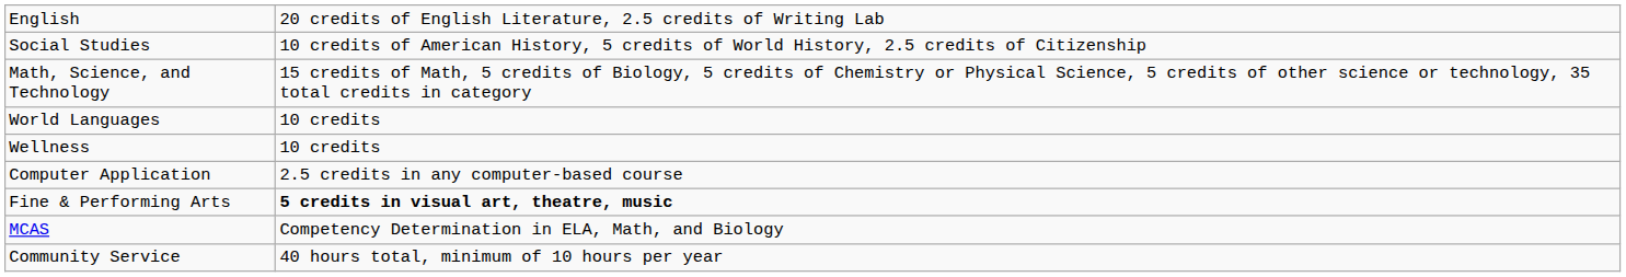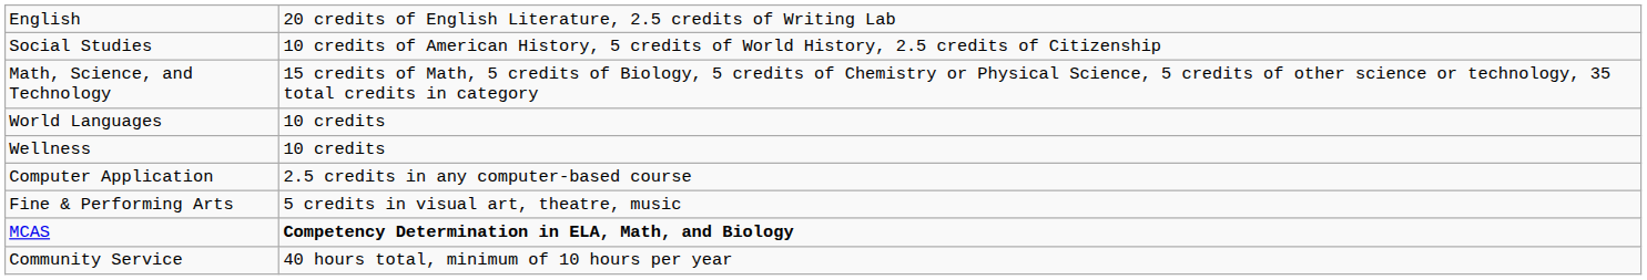 <table class="wikitable">
 <tr>
 <td>English</td>
 <td>20 credits of English Literature, 2.5 credits of Writing Lab</td>
 </tr>
 <tr>
 <td>Social Studies</td>
 <td>10 credits of American History, 5 credits of World History, 2.5 credits of Citizenship</td>
 </tr>
 <tr>
 <td>Math, Science, and Technology</td>
 <td>15 credits of Math, 5 credits of Biology, 5 credits of Chemistry or Physical Science, 5 credits of other science or technology, 35 total credits in category</td>
 </tr>
 <tr>
 <td>World Languages</td>
 <td>10 credits</td>
 </tr>
 <tr>
 <td>Wellness</td>
 <td>10 credits</td>
 </tr>
 <tr>
 <td>Computer Application</td>
 <td>2.5 credits in any computer-based course</td>
 </tr>
 <tr>
 <td>Fine & Performing Arts</td>
-<td><strong>5 credits in visual art, theatre, music</strong></td>
+<td>5 credits in visual art, theatre, music</td>
 </tr>
 <tr>
 <td><a href='#'>MCAS</a></td>
-<td>Competency Determination in ELA, Math, and Biology</td>
+<td><strong>Competency Determination in ELA, Math, and Biology</strong></td>
 </tr>
 <tr>
 <td>Community Service</td>
 <td>40 hours total, minimum of 10 hours per year</td>
 </tr>
 </table>
